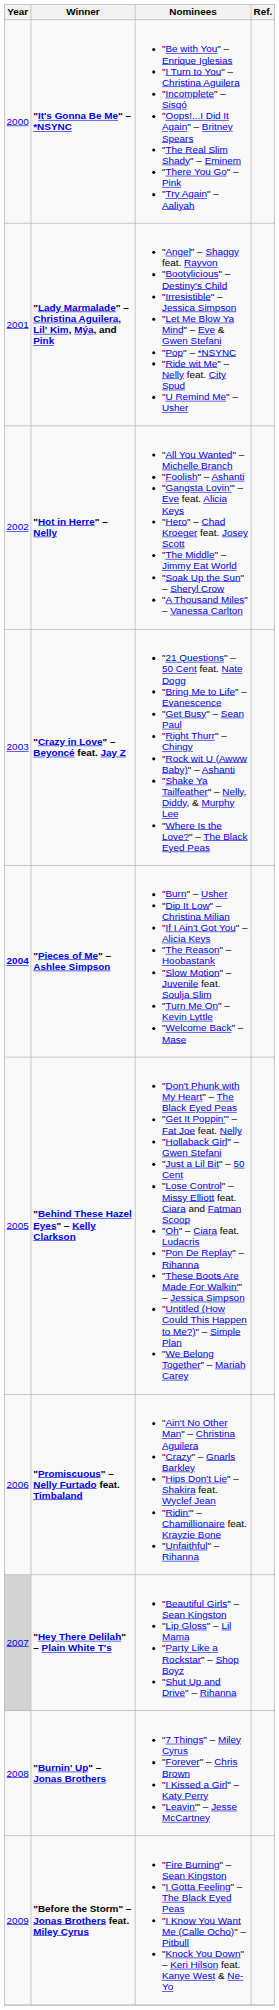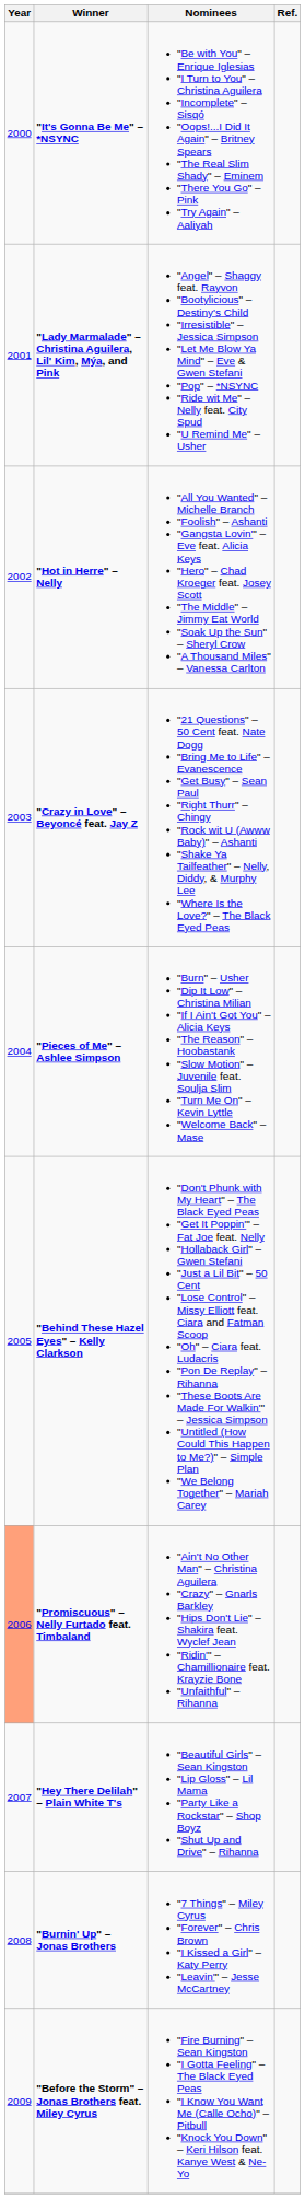 <table class="wikitable" width=70%>
 <tr>
 <th>Year</th>
 <th>Winner</th>
 <th>Nominees</th>
 <th>Ref.</th>
 </tr>
 <tr>
 <td align="center"><a href='#'>2000</a></td>
 <td><strong>"<a href='#'>It's Gonna Be Me</a>" – <a href='#'>*NSYNC</a></strong></td>
 <td><br><ul><li>"<a href='#'>Be with You</a>" – <a href='#'>Enrique Iglesias</a></li><li>"<a href='#'>I Turn to You</a>" – <a href='#'>Christina Aguilera</a></li><li>"<a href='#'>Incomplete</a>" – <a href='#'>Sisqó</a></li><li>"<a href='#'>Oops!...I Did It Again</a>" – <a href='#'>Britney Spears</a></li><li>"<a href='#'>The Real Slim Shady</a>" – <a href='#'>Eminem</a></li><li>"<a href='#'>There You Go</a>" – <a href='#'>Pink</a></li><li>"<a href='#'>Try Again</a>" – <a href='#'>Aaliyah</a></li></ul></td>
 <td align="center"></td>
 </tr>
 <tr>
 <td align="center"><a href='#'>2001</a></td>
 <td><strong>"<a href='#'>Lady Marmalade</a>" – <a href='#'>Christina Aguilera</a>, <a href='#'>Lil' Kim</a>, <a href='#'>Mýa</a>, and <a href='#'>Pink</a></strong></td>
 <td><br><ul><li>"<a href='#'>Angel</a>" – <a href='#'>Shaggy</a> feat. <a href='#'>Rayvon</a></li><li>"<a href='#'>Bootylicious</a>" – <a href='#'>Destiny's Child</a></li><li>"<a href='#'>Irresistible</a>" – <a href='#'>Jessica Simpson</a></li><li>"<a href='#'>Let Me Blow Ya Mind</a>" – <a href='#'>Eve</a> & <a href='#'>Gwen Stefani</a></li><li>"<a href='#'>Pop</a>" – <a href='#'>*NSYNC</a></li><li>"<a href='#'>Ride wit Me</a>" – <a href='#'>Nelly</a> feat. <a href='#'>City Spud</a></li><li>"<a href='#'>U Remind Me</a>" – <a href='#'>Usher</a></li></ul></td>
 <td align="center"></td>
 </tr>
 <tr>
 <td align="center"><a href='#'>2002</a></td>
 <td><strong>"<a href='#'>Hot in Herre</a>" – <a href='#'>Nelly</a></strong></td>
 <td><br><ul><li>"<a href='#'>All You Wanted</a>" – <a href='#'>Michelle Branch</a></li><li>"<a href='#'>Foolish</a>" – <a href='#'>Ashanti</a></li><li>"<a href='#'>Gangsta Lovin'</a>" – <a href='#'>Eve</a> feat. <a href='#'>Alicia Keys</a></li><li>"<a href='#'>Hero</a>" – <a href='#'>Chad Kroeger</a> feat. <a href='#'>Josey Scott</a></li><li>"<a href='#'>The Middle</a>" – <a href='#'>Jimmy Eat World</a></li><li>"<a href='#'>Soak Up the Sun</a>" – <a href='#'>Sheryl Crow</a></li><li>"<a href='#'>A Thousand Miles</a>" – <a href='#'>Vanessa Carlton</a></li></ul></td>
 <td align="center"></td>
 </tr>
 <tr>
 <td align="center"><a href='#'>2003</a></td>
 <td><strong>"<a href='#'>Crazy in Love</a>" – <a href='#'>Beyoncé</a> feat. <a href='#'>Jay Z</a></strong></td>
 <td><br><ul><li>"<a href='#'>21 Questions</a>" – <a href='#'>50 Cent</a> feat. <a href='#'>Nate Dogg</a></li><li>"<a href='#'>Bring Me to Life</a>" – <a href='#'>Evanescence</a></li><li>"<a href='#'>Get Busy</a>" – <a href='#'>Sean Paul</a></li><li>"<a href='#'>Right Thurr</a>" – <a href='#'>Chingy</a></li><li>"<a href='#'>Rock wit U (Awww Baby)</a>" – <a href='#'>Ashanti</a></li><li>"<a href='#'>Shake Ya Tailfeather</a>" – <a href='#'>Nelly</a>, <a href='#'>Diddy</a>, & <a href='#'>Murphy Lee</a></li><li>"<a href='#'>Where Is the Love?</a>" – <a href='#'>The Black Eyed Peas</a></li></ul></td>
 <td align="center"></td>
 </tr>
 <tr>
-<td align="center"><strong><a href='#'>2004</a></strong></td>
+<td align="center"><a href='#'>2004</a></td>
 <td><strong>"<a href='#'>Pieces of Me</a>" – <a href='#'>Ashlee Simpson</a></strong></td>
 <td><br><ul><li>"<a href='#'>Burn</a>" – <a href='#'>Usher</a></li><li>"<a href='#'>Dip It Low</a>" – <a href='#'>Christina Milian</a></li><li>"<a href='#'>If I Ain't Got You</a>" – <a href='#'>Alicia Keys</a></li><li>"<a href='#'>The Reason</a>" – <a href='#'>Hoobastank</a></li><li>"<a href='#'>Slow Motion</a>" – <a href='#'>Juvenile</a> feat. <a href='#'>Soulja Slim</a></li><li>"<a href='#'>Turn Me On</a>" – <a href='#'>Kevin Lyttle</a></li><li>"<a href='#'>Welcome Back</a>" – <a href='#'>Mase</a></li></ul></td>
 <td align="center"></td>
 </tr>
 <tr>
 <td align="center"><a href='#'>2005</a></td>
 <td><strong>"<a href='#'>Behind These Hazel Eyes</a>" – <a href='#'>Kelly Clarkson</a></strong></td>
 <td><br><ul><li>"<a href='#'>Don't Phunk with My Heart</a>" – <a href='#'>The Black Eyed Peas</a></li><li>"<a href='#'>Get It Poppin'</a>" – <a href='#'>Fat Joe</a> feat. <a href='#'>Nelly</a></li><li>"<a href='#'>Hollaback Girl</a>" – <a href='#'>Gwen Stefani</a></li><li>"<a href='#'>Just a Lil Bit</a>" – <a href='#'>50 Cent</a></li><li>"<a href='#'>Lose Control</a>" – <a href='#'>Missy Elliott</a> feat. <a href='#'>Ciara</a> and <a href='#'>Fatman Scoop</a></li><li>"<a href='#'>Oh</a>" – <a href='#'>Ciara</a> feat. <a href='#'>Ludacris</a></li><li>"<a href='#'>Pon De Replay</a>" – <a href='#'>Rihanna</a></li><li>"<a href='#'>These Boots Are Made For Walkin'</a>" – <a href='#'>Jessica Simpson</a></li><li>"<a href='#'>Untitled (How Could This Happen to Me?)</a>" – <a href='#'>Simple Plan</a></li><li>"<a href='#'>We Belong Together</a>" – <a href='#'>Mariah Carey</a></li></ul></td>
 <td align="center"></td>
 </tr>
 <tr>
-<td align="center"><a href='#'>2006</a></td>
+<td align="center" style="background: lightsalmon;"><a href='#'>2006</a></td>
 <td><strong>"<a href='#'>Promiscuous</a>" – <a href='#'>Nelly Furtado</a> feat. <a href='#'>Timbaland</a></strong></td>
 <td><br><ul><li>"<a href='#'>Ain't No Other Man</a>" – <a href='#'>Christina Aguilera</a></li><li>"<a href='#'>Crazy</a>" – <a href='#'>Gnarls Barkley</a></li><li>"<a href='#'>Hips Don't Lie</a>" – <a href='#'>Shakira</a> feat. <a href='#'>Wyclef Jean</a></li><li>"<a href='#'>Ridin'</a>" – <a href='#'>Chamillionaire</a> feat. <a href='#'>Krayzie Bone</a></li><li>"<a href='#'>Unfaithful</a>" – <a href='#'>Rihanna</a></li></ul></td>
 <td align="center"></td>
 </tr>
 <tr>
-<td align="center" style="background: lightgrey;"><a href='#'>2007</a></td>
+<td align="center"><a href='#'>2007</a></td>
 <td><strong>"<a href='#'>Hey There Delilah</a>" – <a href='#'>Plain White T's</a></strong></td>
 <td><br><ul><li>"<a href='#'>Beautiful Girls</a>" – <a href='#'>Sean Kingston</a></li><li>"<a href='#'>Lip Gloss</a>" – <a href='#'>Lil Mama</a></li><li>"<a href='#'>Party Like a Rockstar</a>" – <a href='#'>Shop Boyz</a></li><li>"<a href='#'>Shut Up and Drive</a>" – <a href='#'>Rihanna</a></li></ul></td>
 <td align="center"></td>
 </tr>
 <tr>
 <td align="center"><a href='#'>2008</a></td>
 <td><strong>"<a href='#'>Burnin' Up</a>" – <a href='#'>Jonas Brothers</a></strong></td>
 <td><br><ul><li>"<a href='#'>7 Things</a>" – <a href='#'>Miley Cyrus</a></li><li>"<a href='#'>Forever</a>" – <a href='#'>Chris Brown</a></li><li>"<a href='#'>I Kissed a Girl</a>" – <a href='#'>Katy Perry</a></li><li>"<a href='#'>Leavin'</a>" – <a href='#'>Jesse McCartney</a></li></ul></td>
 <td align="center"></td>
 </tr>
 <tr>
 <td align="center"><a href='#'>2009</a></td>
 <td><strong>"Before the Storm" – <a href='#'>Jonas Brothers</a> feat. <a href='#'>Miley Cyrus</a></strong></td>
 <td><br><ul><li>"<a href='#'>Fire Burning</a>" – <a href='#'>Sean Kingston</a></li><li>"<a href='#'>I Gotta Feeling</a>" – <a href='#'>The Black Eyed Peas</a></li><li>"<a href='#'>I Know You Want Me (Calle Ocho)</a>" – <a href='#'>Pitbull</a></li><li>"<a href='#'>Knock You Down</a>" – <a href='#'>Keri Hilson</a> feat. <a href='#'>Kanye West</a> & <a href='#'>Ne-Yo</a></li></ul></td>
 <td align="center"></td>
 </tr>
 <tr>
 </tr>
 </table>
